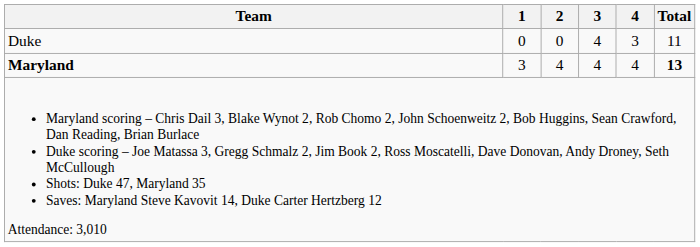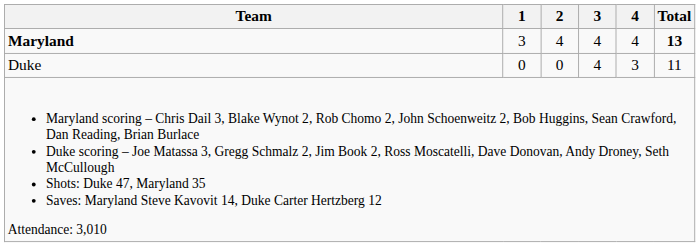 <table class="wikitable" style="text-align:center; max-width:45em">
 <tr>
 <th>Team</th>
 <th style="width:2em">1</th>
 <th style="width:2em">2</th>
 <th style="width:2em">3</th>
 <th style="width:2em">4</th>
 <th style="width:2em">Total</th>
 </tr>
 <tr>
+<td style="text-align:left"><strong>Maryland</strong></td>
+<td>3</td>
+<td>4</td>
+<td>4</td>
+<td>4</td>
+<td><strong>13</strong></td>
+</tr>
+<tr>
 <td style="text-align:left">Duke</td>
 <td>0</td>
 <td>0</td>
 <td>4</td>
 <td>3</td>
 <td>11</td>
 </tr>
 <tr>
-<td style="text-align:left"><strong>Maryland</strong></td>
-<td>3</td>
-<td>4</td>
-<td>4</td>
-<td>4</td>
-<td><strong>13</strong></td>
-</tr>
-<tr>
 <td colspan=6 style="text-align:left; font-size:88%;"><br><ul><li>Maryland scoring – Chris Dail 3, Blake Wynot 2, Rob Chomo 2, John Schoenweitz 2, Bob Huggins, Sean Crawford, Dan Reading, Brian Burlace</li><li>Duke scoring – Joe Matassa 3, Gregg Schmalz 2, Jim Book 2, Ross Moscatelli, Dave Donovan, Andy Droney, Seth McCullough</li><li>Shots: Duke 47, Maryland 35</li><li>Saves: Maryland Steve Kavovit 14, Duke Carter Hertzberg 12</li></ul>Attendance: 3,010 </td>
 </tr>
 </table>
